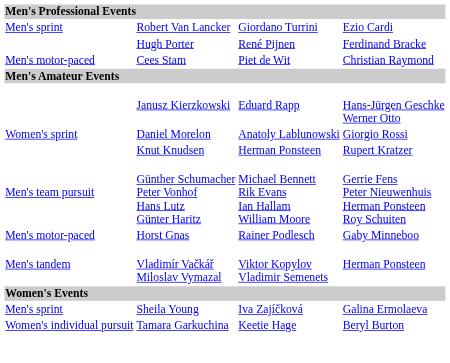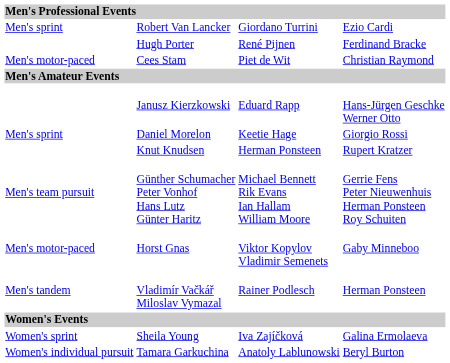 <table>
 <tr bgcolor="#cccccc">
 <td colspan=7><strong>Men's Professional Events</strong></td>
 </tr>
 <tr>
 <td><a href='#'>Men's sprint</a> <br></td>
 <td><a href='#'>Robert Van Lancker</a><br></td>
 <td><a href='#'>Giordano Turrini</a><br></td>
 <td><a href='#'>Ezio Cardi</a><br></td>
 </tr>
 <tr>
 <td><br></td>
 <td><a href='#'>Hugh Porter</a><br></td>
 <td><a href='#'>René Pijnen</a><br></td>
 <td><a href='#'>Ferdinand Bracke</a> <br></td>
 </tr>
 <tr>
 <td><a href='#'>Men's motor-paced</a><br></td>
 <td><a href='#'>Cees Stam</a><br></td>
 <td><a href='#'>Piet de Wit</a><br></td>
 <td><a href='#'>Christian Raymond</a><br></td>
 </tr>
 <tr bgcolor="#cccccc">
 <td colspan=7><strong>Men's Amateur Events</strong></td>
 </tr>
 <tr>
 <td><br></td>
 <td><a href='#'>Janusz Kierzkowski</a> <br></td>
 <td><a href='#'>Eduard Rapp</a><br></td>
 <td> <br><a href='#'>Hans-Jürgen Geschke</a><br> <a href='#'>Werner Otto</a></td>
 </tr>
 <tr>
-<td><a href='#'>Women's sprint</a><br></td>
+<td><a href='#'>Men's sprint</a> <br></td>
 <td><a href='#'>Daniel Morelon</a><br></td>
-<td><a href='#'>Anatoly Lablunowski</a> <br></td>
+<td><a href='#'>Keetie Hage</a><br></td>
 <td><a href='#'>Giorgio Rossi</a> <br></td>
 </tr>
 <tr>
 <td><br></td>
 <td><a href='#'>Knut Knudsen</a><br></td>
 <td><a href='#'>Herman Ponsteen</a> <br></td>
 <td><a href='#'>Rupert Kratzer</a><br></td>
 </tr>
 <tr>
 <td><a href='#'>Men's team pursuit</a><br></td>
 <td> <br> <a href='#'>Günther Schumacher</a><br> <a href='#'>Peter Vonhof</a><br> <a href='#'>Hans Lutz</a><br> <a href='#'>Günter Haritz</a></td>
 <td> <br> <a href='#'>Michael Bennett</a><br>  <a href='#'>Rik Evans</a><br> <a href='#'>Ian Hallam</a><br> <a href='#'>William Moore</a></td>
 <td> <br> <a href='#'>Gerrie Fens</a><br> <a href='#'>Peter Nieuwenhuis</a><br>  <a href='#'>Herman Ponsteen</a><br> <a href='#'>Roy Schuiten</a></td>
 </tr>
 <tr>
 <td><a href='#'>Men's motor-paced</a><br></td>
 <td><a href='#'>Horst Gnas</a><br></td>
-<td><a href='#'>Rainer Podlesch</a><br></td>
+<td><br><a href='#'>Viktor Kopylov</a><br> <a href='#'>Vladimir Semenets</a></td>
 <td><a href='#'>Gaby Minneboo</a><br></td>
 </tr>
 <tr>
 <td><a href='#'>Men's tandem</a><br></td>
 <td> <br><a href='#'>Vladimír Vačkář</a><br> <a href='#'>Miloslav Vymazal</a></td>
-<td><br><a href='#'>Viktor Kopylov</a><br> <a href='#'>Vladimir Semenets</a></td>
+<td><a href='#'>Rainer Podlesch</a><br></td>
 <td><a href='#'>Herman Ponsteen</a> <br></td>
 </tr>
 <tr bgcolor="#cccccc">
 <td colspan=7><strong>Women's Events</strong></td>
 </tr>
 <tr>
-<td><a href='#'>Men's sprint</a> <br></td>
+<td><a href='#'>Women's sprint</a><br></td>
 <td><a href='#'>Sheila Young</a><br></td>
 <td><a href='#'>Iva Zajíčková</a><br></td>
 <td><a href='#'>Galina Ermolaeva</a><br></td>
 </tr>
 <tr>
 <td><a href='#'>Women's individual pursuit</a><br></td>
 <td><a href='#'>Tamara Garkuchina</a><br></td>
-<td><a href='#'>Keetie Hage</a><br></td>
+<td><a href='#'>Anatoly Lablunowski</a> <br></td>
 <td><a href='#'>Beryl Burton</a><br></td>
 </tr>
 </table>
